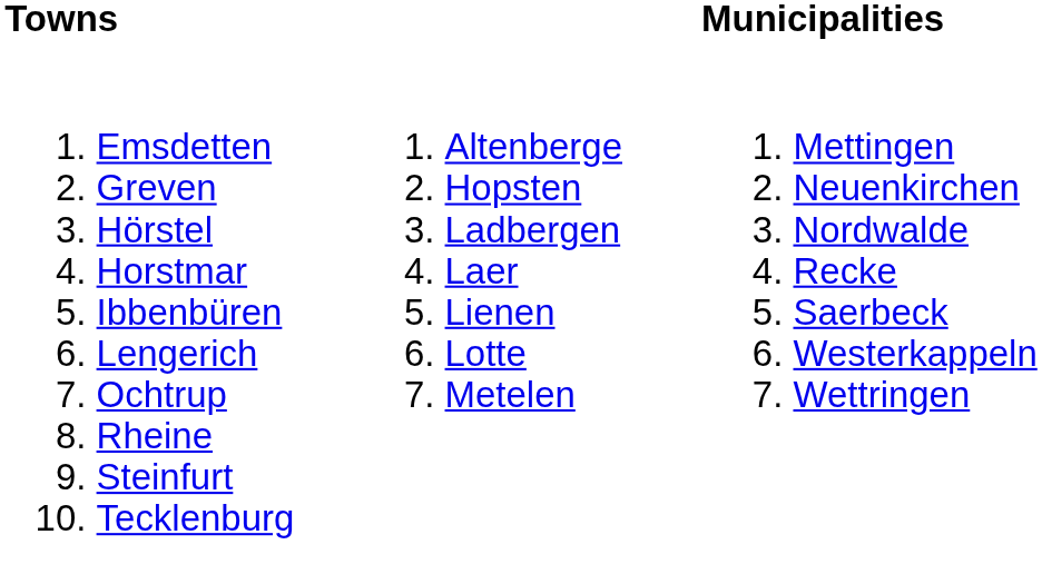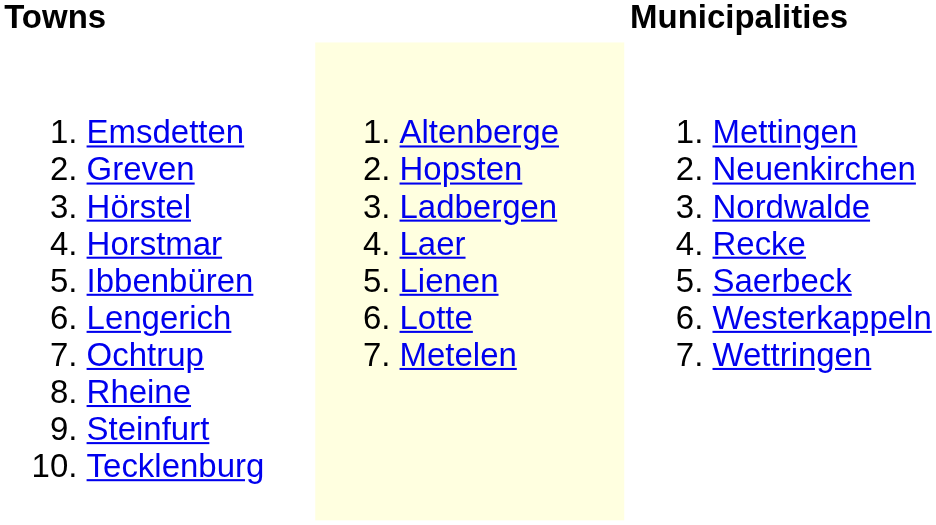 <table>
 <tr>
 <th colspan=2 align=left>Towns</th>
 <th align=left>Municipalities</th>
 </tr>
 <tr valign=top>
 <td width=33%><br><ol><li><a href='#'>Emsdetten</a></li><li><a href='#'>Greven</a></li><li><a href='#'>Hörstel</a></li><li><a href='#'>Horstmar</a></li><li><a href='#'>Ibbenbüren</a></li><li><a href='#'>Lengerich</a></li><li><a href='#'>Ochtrup</a></li><li><a href='#'>Rheine</a></li><li><a href='#'>Steinfurt</a></li><li><a href='#'>Tecklenburg</a></li></ol></td>
-<td width=33%><br><ol><li><a href='#'>Altenberge</a></li><li><a href='#'>Hopsten</a></li><li><a href='#'>Ladbergen</a></li><li><a href='#'>Laer</a></li><li><a href='#'>Lienen</a></li><li><a href='#'>Lotte</a></li><li><a href='#'>Metelen</a></li></ol></td>
+<td width=33% style="background: lightyellow;"><br><ol><li><a href='#'>Altenberge</a></li><li><a href='#'>Hopsten</a></li><li><a href='#'>Ladbergen</a></li><li><a href='#'>Laer</a></li><li><a href='#'>Lienen</a></li><li><a href='#'>Lotte</a></li><li><a href='#'>Metelen</a></li></ol></td>
 <td width=33%><br><ol> <li><a href='#'>Mettingen</a></li> <li><a href='#'>Neuenkirchen</a> <li><a href='#'>Nordwalde</a></li> <li><a href='#'>Recke</a></li> <li><a href='#'>Saerbeck</a></li> <li><a href='#'>Westerkappeln</a></li> <li><a href='#'>Wettringen</a></li> </ol></td>
 </tr>
 </table>
